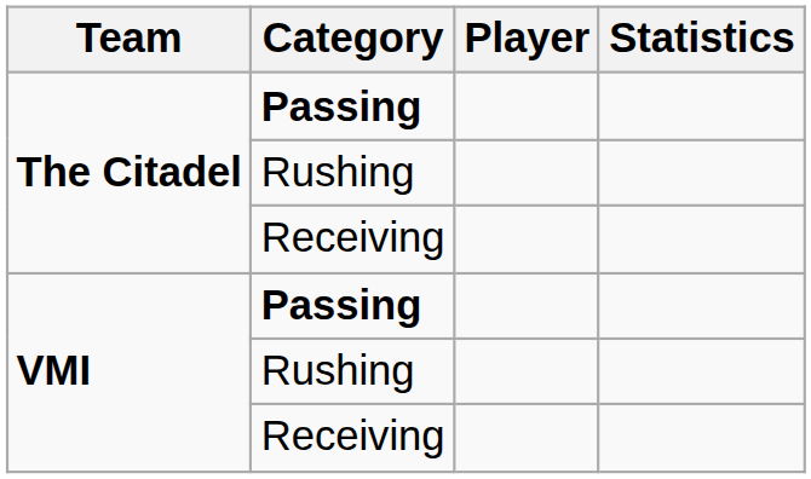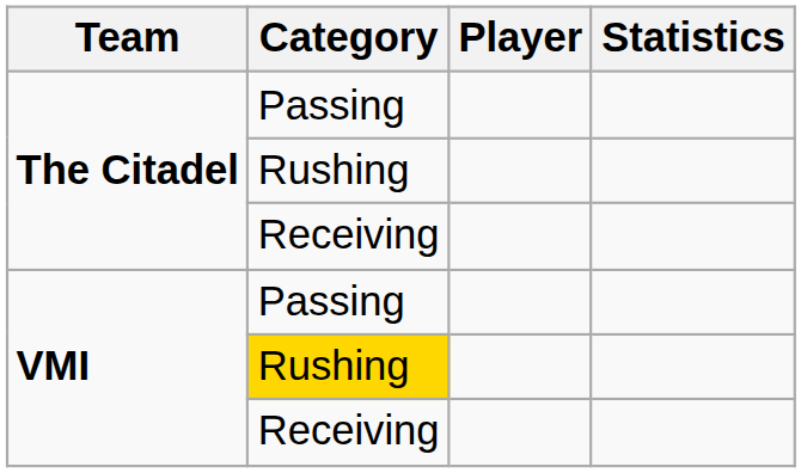 <table class="wikitable" style="float: right;">
 <tr>
 <th>Team</th>
 <th>Category</th>
 <th>Player</th>
 <th>Statistics</th>
 </tr>
 <tr>
 <td rowspan=3><strong>The Citadel</strong></td>
-<td><strong>Passing</strong></td>
+<td>Passing</td>
 <td></td>
 <td></td>
 </tr>
 <tr>
 <td>Rushing</td>
 <td></td>
 <td></td>
 </tr>
 <tr>
 <td>Receiving</td>
 <td></td>
 <td></td>
 </tr>
 <tr>
 <td rowspan=3><strong>VMI</strong></td>
-<td><strong>Passing</strong></td>
+<td>Passing</td>
 <td></td>
 <td></td>
 </tr>
 <tr>
-<td>Rushing</td>
+<td style="background: gold;">Rushing</td>
 <td></td>
 <td></td>
 </tr>
 <tr>
 <td>Receiving</td>
 <td></td>
 <td></td>
 </tr>
 </table>
